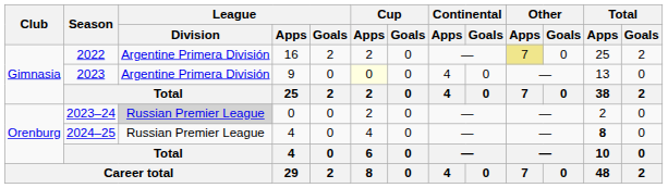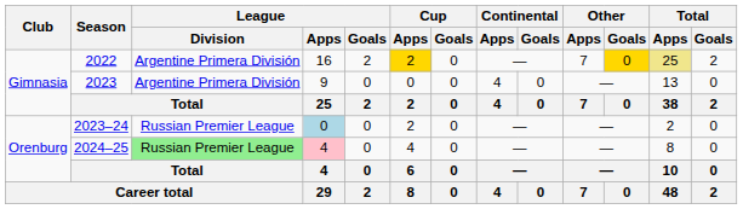 <table class="wikitable" style="text-align: center;">
 <tr>
 <th rowspan="2">Club</th>
 <th rowspan="2">Season</th>
 <th colspan="3">League</th>
 <th colspan="2">Cup</th>
 <th colspan="2">Continental</th>
 <th colspan="2">Other</th>
 <th colspan="2">Total</th>
 </tr>
 <tr>
 <th>Division</th>
 <th>Apps</th>
 <th>Goals</th>
 <th>Apps</th>
 <th>Goals</th>
 <th>Apps</th>
 <th>Goals</th>
 <th>Apps</th>
 <th>Goals</th>
 <th>Apps</th>
 <th>Goals</th>
 </tr>
 <tr>
 <td rowspan="3"><a href='#'>Gimnasia</a></td>
 <td><a href='#'>2022</a></td>
 <td><a href='#'>Argentine Primera División</a></td>
 <td>16</td>
 <td>2</td>
-<td>2</td>
+<td style="background: gold;">2</td>
 <td>0</td>
 <td colspan="2">—</td>
-<td style="background: khaki;">7</td>
-<td>0</td>
-<td>25</td>
+<td>7</td>
+<td style="background: gold;">0</td>
+<td style="background: khaki;">25</td>
 <td>2</td>
 </tr>
 <tr>
 <td><a href='#'>2023</a></td>
 <td><a href='#'>Argentine Primera División</a></td>
 <td>9</td>
 <td>0</td>
-<td style="background: lightyellow;">0</td>
+<td>0</td>
 <td>0</td>
 <td>4</td>
 <td>0</td>
 <td colspan="2">—</td>
 <td>13</td>
 <td>0</td>
 </tr>
 <tr>
 <th colspan="2">Total</th>
 <th>25</th>
 <th>2</th>
 <th>2</th>
 <th>0</th>
 <th>4</th>
 <th>0</th>
 <th>7</th>
 <th>0</th>
 <th>38</th>
 <th>2</th>
 </tr>
 <tr>
 <td rowspan="3"><a href='#'>Orenburg</a></td>
 <td><a href='#'>2023–24</a></td>
-<td style="background: lightgrey;"><a href='#'>Russian Premier League</a></td>
-<td>0</td>
+<td><a href='#'>Russian Premier League</a></td>
+<td style="background: lightblue;">0</td>
 <td>0</td>
 <td>2</td>
 <td>0</td>
 <td colspan="2">—</td>
 <td colspan="2">—</td>
 <td>2</td>
 <td>0</td>
 </tr>
 <tr>
 <td><a href='#'>2024–25</a></td>
-<td>Russian Premier League</td>
-<td>4</td>
+<td style="background: lightgreen;">Russian Premier League</td>
+<td style="background: pink;">4</td>
 <td>0</td>
 <td>4</td>
 <td>0</td>
 <td colspan="2">—</td>
 <td colspan="2">—</td>
-<td><strong>8</strong></td>
+<td>8</td>
 <td>0</td>
 </tr>
 <tr>
 <th colspan="2">Total</th>
 <th>4</th>
 <th>0</th>
 <th>6</th>
 <th>0</th>
 <th colspan="2">—</th>
 <th colspan="2">—</th>
 <th>10</th>
 <th>0</th>
 </tr>
 <tr>
 <th colspan="3">Career total</th>
 <th>29</th>
 <th>2</th>
 <th>8</th>
 <th>0</th>
 <th>4</th>
 <th>0</th>
 <th>7</th>
 <th>0</th>
 <th>48</th>
 <th>2</th>
 </tr>
 </table>
